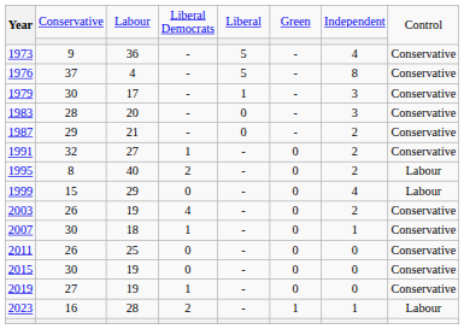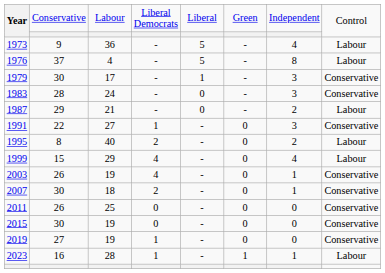 <table class=wikitable style=text-align:center>
 <tr>
 <th rowspan=2>Year</th>
 <td width="60"><a href='#'>Conservative</a></td>
 <td width="60"><a href='#'>Labour</a></td>
 <td width="60"><a href='#'>Liberal Democrats</a></td>
 <td width="60"><a href='#'>Liberal</a></td>
 <td width="60"><a href='#'>Green</a></td>
 <td><a href='#'>Independent</a></td>
 <td rowspan=2>Control</td>
 </tr>
 <tr>
 <th style="background-color: "></th>
 <th style="background-color: "></th>
 <th style="background-color: "></th>
 <th style="background-color: "></th>
 <th style="background-color: "></th>
 <th style="background-color: "></th>
 </tr>
 <tr>
 <td><a href='#'>1973</a></td>
 <td>9</td>
 <td>36</td>
 <td>-</td>
 <td>5</td>
 <td>-</td>
 <td>4</td>
-<td bgcolor=>Conservative</td>
+<td bgcolor=>Labour</td>
 </tr>
 <tr>
 <td><a href='#'>1976</a></td>
 <td>37</td>
 <td>4</td>
 <td>-</td>
 <td>5</td>
 <td>-</td>
 <td>8</td>
-<td bgcolor=>Conservative</td>
+<td bgcolor=>Labour</td>
 </tr>
 <tr>
 <td><a href='#'>1979</a></td>
 <td>30</td>
 <td>17</td>
 <td>-</td>
 <td>1</td>
 <td>-</td>
 <td>3</td>
 <td bgcolor=>Conservative</td>
 </tr>
 <tr>
 <td><a href='#'>1983</a></td>
 <td>28</td>
-<td>20</td>
+<td>24</td>
 <td>-</td>
 <td>0</td>
 <td>-</td>
 <td>3</td>
 <td bgcolor=>Conservative</td>
 </tr>
 <tr>
 <td><a href='#'>1987</a></td>
 <td>29</td>
 <td>21</td>
 <td>-</td>
 <td>0</td>
 <td>-</td>
 <td>2</td>
-<td bgcolor=>Conservative</td>
+<td bgcolor=>Labour</td>
 </tr>
 <tr>
 <td><a href='#'>1991</a></td>
-<td>32</td>
+<td>22</td>
 <td>27</td>
 <td>1</td>
 <td>-</td>
 <td>0</td>
-<td>2</td>
+<td>3</td>
 <td bgcolor=>Conservative</td>
 </tr>
 <tr>
 <td><a href='#'>1995</a></td>
 <td>8</td>
 <td>40</td>
 <td>2</td>
 <td>-</td>
 <td>0</td>
 <td>2</td>
 <td bgcolor=>Labour</td>
 </tr>
 <tr>
 <td><a href='#'>1999</a></td>
 <td>15</td>
 <td>29</td>
-<td>0</td>
+<td>4</td>
 <td>-</td>
 <td>0</td>
 <td>4</td>
 <td bgcolor=>Labour</td>
 </tr>
 <tr>
 <td><a href='#'>2003</a></td>
 <td>26</td>
 <td>19</td>
 <td>4</td>
 <td>-</td>
 <td>0</td>
-<td>2</td>
+<td>1</td>
 <td bgcolor=>Conservative</td>
 </tr>
 <tr>
 <td><a href='#'>2007</a></td>
 <td>30</td>
 <td>18</td>
-<td>1</td>
+<td>2</td>
 <td>-</td>
 <td>0</td>
 <td>1</td>
 <td bgcolor=>Conservative</td>
 </tr>
 <tr>
 <td><a href='#'>2011</a></td>
 <td>26</td>
 <td>25</td>
 <td>0</td>
 <td>-</td>
 <td>0</td>
 <td>0</td>
 <td bgcolor=>Conservative</td>
 </tr>
 <tr>
 <td><a href='#'>2015</a></td>
 <td>30</td>
 <td>19</td>
 <td>0</td>
 <td>-</td>
 <td>0</td>
 <td>0</td>
 <td bgcolor=>Conservative</td>
 </tr>
 <tr>
 <td><a href='#'>2019</a></td>
 <td>27</td>
 <td>19</td>
 <td>1</td>
 <td>-</td>
 <td>0</td>
 <td>0</td>
 <td bgcolor=>Conservative</td>
 </tr>
 <tr>
 <td><a href='#'>2023</a></td>
 <td>16</td>
 <td>28</td>
-<td>2</td>
+<td>1</td>
 <td>-</td>
 <td>1</td>
 <td>1</td>
 <td bgcolor=>Labour</td>
 </tr>
 <tr>
 <th></th>
 <th style="background-color: "></th>
 <th style="background-color: "></th>
 <th style="background-color: "></th>
 <th style="background-color: "></th>
 <th style="background-color: "></th>
 <th style="background-color: "></th>
 <td></td>
 </tr>
 </table>
